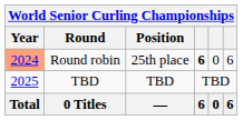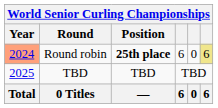 <table class="wikitable" style="text-align: center;">
 <tr>
 <th colspan=10><a href='#'>World Senior Curling Championships</a></th>
 </tr>
 <tr>
 <th>Year</th>
 <th>Round</th>
 <th>Position</th>
 <th></th>
 <th></th>
 <th></th>
 </tr>
 <tr>
 <td style="background: lightsalmon;"> <a href='#'>2024</a></td>
 <td>Round robin</td>
-<td>25th place</td>
-<td><strong>6</strong></td>
+<td><strong>25th place</strong></td>
+<td>6</td>
 <td>0</td>
-<td>6</td>
+<td style="background: khaki;">6</td>
 </tr>
 <tr>
 <td> <a href='#'>2025</a></td>
 <td>TBD</td>
 <td>TBD</td>
 <td colspan=3>TBD</td>
 </tr>
 <tr>
 <th>Total</th>
 <th>0 Titles</th>
 <th>—</th>
 <th>6</th>
 <th>0</th>
 <th>6</th>
 </tr>
 </table>
